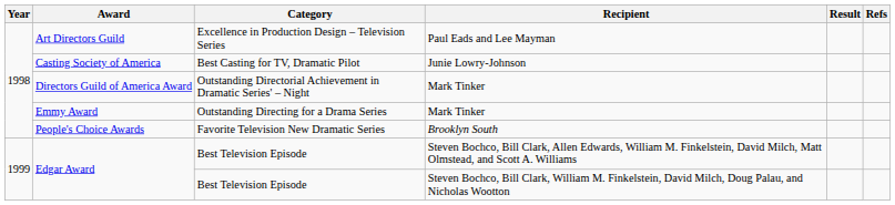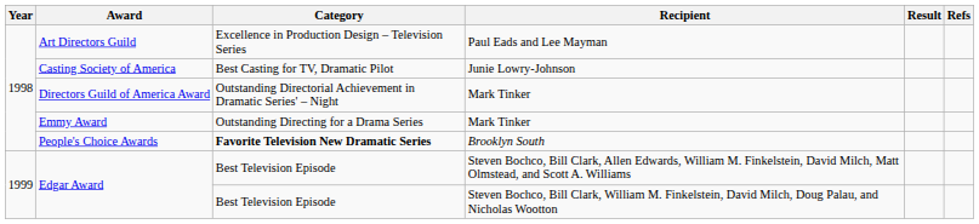 <table class="wikitable">
 <tr>
 <th>Year</th>
 <th>Award</th>
 <th>Category</th>
 <th>Recipient</th>
 <th>Result</th>
 <th>Refs</th>
 </tr>
 <tr>
 <td rowspan=5>1998</td>
 <td><a href='#'>Art Directors Guild</a></td>
 <td>Excellence in Production Design – Television Series</td>
 <td>Paul Eads and Lee Mayman</td>
 <td></td>
 <td></td>
 </tr>
 <tr>
 <td><a href='#'>Casting Society of America</a></td>
 <td>Best Casting for TV, Dramatic Pilot</td>
 <td>Junie Lowry-Johnson</td>
 <td></td>
 <td></td>
 </tr>
 <tr>
 <td style="white-space:nowrap;"><a href='#'>Directors Guild of America Award</a></td>
 <td>Outstanding Directorial Achievement in Dramatic Series' – Night</td>
 <td>Mark Tinker </td>
 <td></td>
 <td></td>
 </tr>
 <tr>
 <td><a href='#'>Emmy Award</a></td>
 <td>Outstanding Directing for a Drama Series</td>
 <td>Mark Tinker </td>
 <td></td>
 <td></td>
 </tr>
 <tr>
 <td><a href='#'>People's Choice Awards</a></td>
-<td>Favorite Television New Dramatic Series</td>
+<td><strong>Favorite Television New Dramatic Series</strong></td>
 <td><em>Brooklyn South</em></td>
 <td></td>
 <td></td>
 </tr>
 <tr>
 <td rowspan=2>1999</td>
 <td rowspan=2><a href='#'>Edgar Award</a></td>
 <td>Best Television Episode</td>
 <td>Steven Bochco, Bill Clark, Allen Edwards, William M. Finkelstein, David Milch, Matt Olmstead, and Scott A. Williams </td>
 <td></td>
 <td></td>
 </tr>
 <tr>
 <td>Best Television Episode</td>
 <td>Steven Bochco, Bill Clark, William M. Finkelstein, David Milch, Doug Palau, and Nicholas Wootton </td>
 <td></td>
 <td></td>
 </tr>
 </table>
